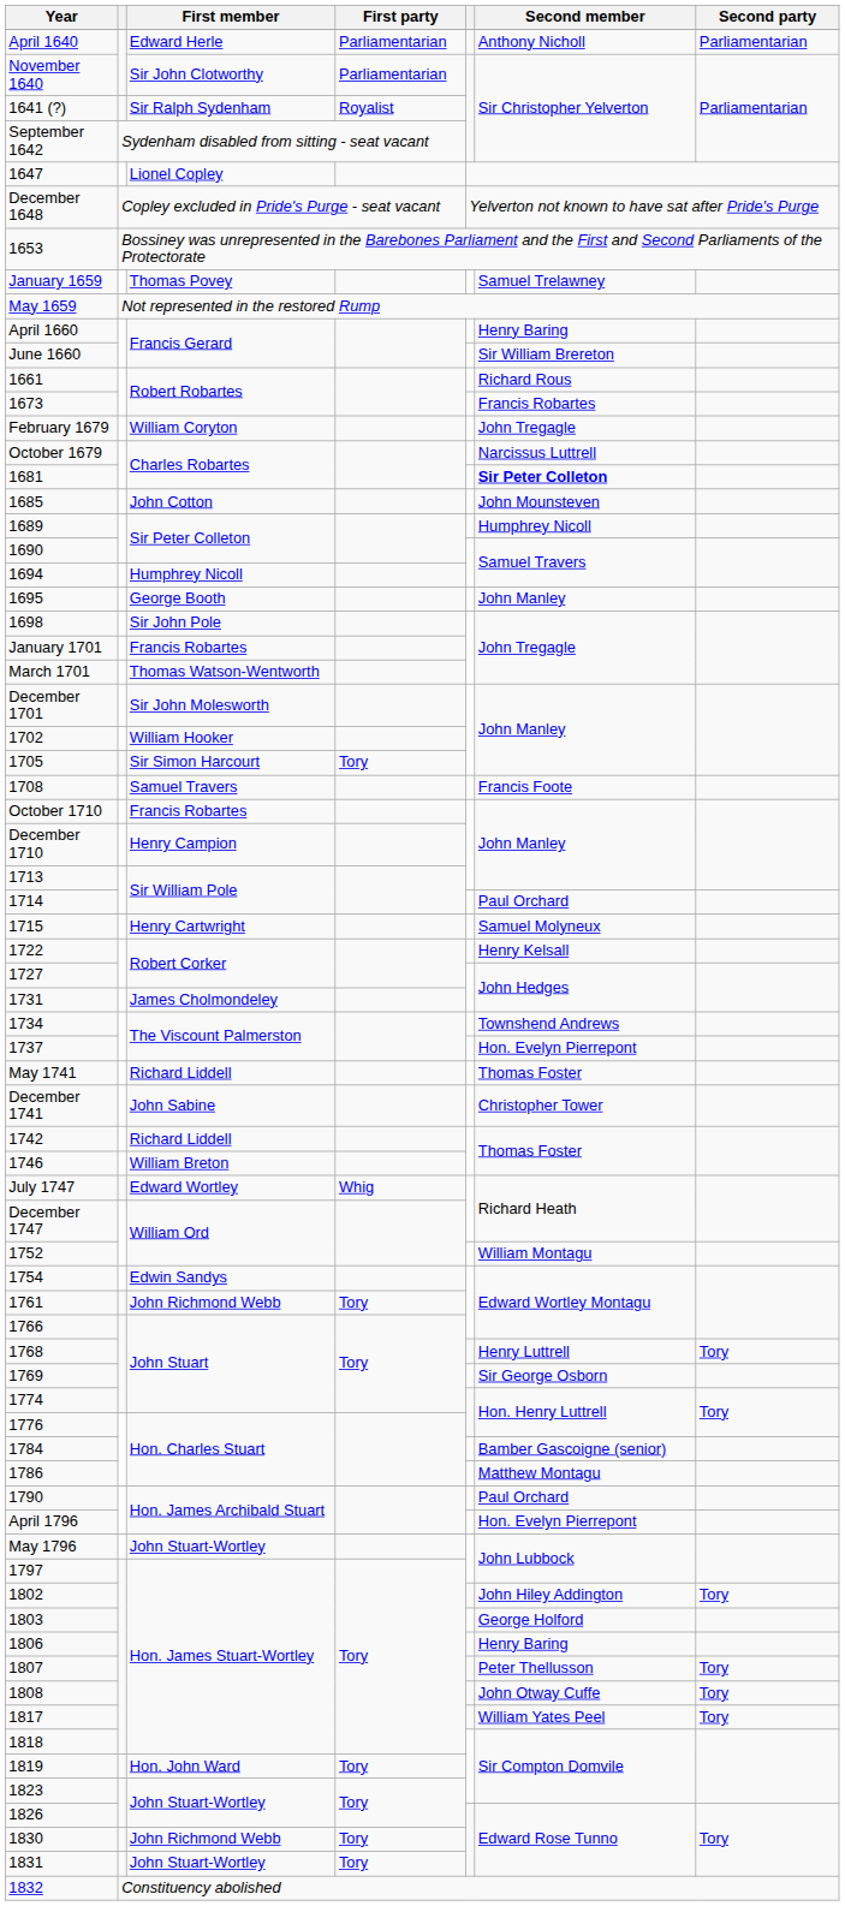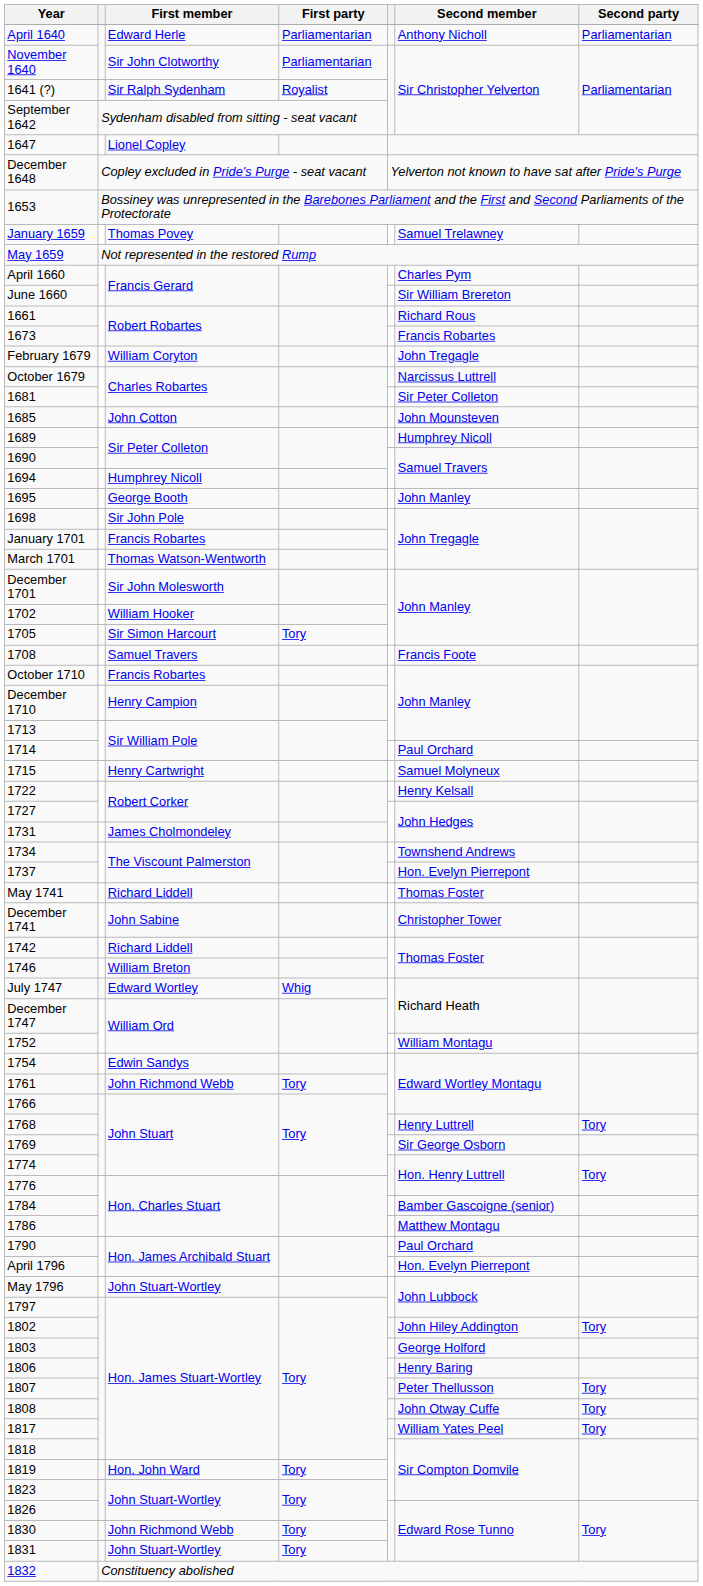 <table class="wikitable">
 <tr>
 <th>Year</th>
 <th></th>
 <th>First member</th>
 <th>First party</th>
 <th></th>
 <th>Second member</th>
 <th>Second party</th>
 </tr>
 <tr>
 </tr>
 <tr>
 <td><a href='#'>April 1640</a></td>
 <td rowspan="2" style="color:inherit;background-color: "></td>
 <td><a href='#'>Edward Herle</a></td>
 <td><a href='#'>Parliamentarian</a></td>
 <td style="color:inherit;background-color: "></td>
 <td><a href='#'>Anthony Nicholl</a></td>
 <td><a href='#'>Parliamentarian</a></td>
 </tr>
 <tr>
 <td><a href='#'>November 1640</a></td>
 <td><a href='#'>Sir John Clotworthy</a></td>
 <td><a href='#'>Parliamentarian</a></td>
 <td rowspan="3" style="color:inherit;background-color: "></td>
 <td rowspan="3"><a href='#'>Sir Christopher Yelverton</a></td>
 <td rowspan="3"><a href='#'>Parliamentarian</a></td>
 </tr>
 <tr>
 <td>1641 (?)</td>
 <td style="color:inherit;background-color: "></td>
 <td><a href='#'>Sir Ralph Sydenham</a></td>
 <td><a href='#'>Royalist</a></td>
 </tr>
 <tr>
 <td>September 1642</td>
 <td colspan="3"><em>Sydenham disabled from sitting - seat vacant</em></td>
 </tr>
 <tr>
 <td>1647</td>
 <td style="color:inherit;background-color: white"></td>
 <td><a href='#'>Lionel Copley</a></td>
 <td></td>
 </tr>
 <tr>
 <td>December 1648</td>
 <td colspan="3"><em>Copley excluded in <a href='#'>Pride's Purge</a> - seat vacant</em></td>
 <td colspan="3"><em>Yelverton not known to have sat after <a href='#'>Pride's Purge</a></em></td>
 </tr>
 <tr>
 <td>1653</td>
 <td colspan="6"><em>Bossiney was unrepresented in the <a href='#'>Barebones Parliament</a> and the <a href='#'>First</a> and <a href='#'>Second</a> Parliaments of the Protectorate</em></td>
 </tr>
 <tr>
 <td><a href='#'>January 1659</a></td>
 <td style="color:inherit;background-color: white"></td>
 <td><a href='#'>Thomas Povey</a></td>
 <td></td>
 <td style="color:inherit;background-color: white"></td>
 <td><a href='#'>Samuel Trelawney</a></td>
 <td></td>
 </tr>
 <tr>
 <td><a href='#'>May 1659</a></td>
 <td colspan="6"><em>Not represented in the restored <a href='#'>Rump</a></em></td>
 </tr>
 <tr>
 <td>April 1660</td>
 <td rowspan="2" style="color:inherit;background-color: white"></td>
 <td rowspan="2"><a href='#'>Francis Gerard</a></td>
 <td rowspan="2"></td>
 <td style="color:inherit;background-color: white"></td>
-<td><a href='#'>Henry Baring</a></td>
+<td><a href='#'>Charles Pym</a></td>
 <td></td>
 </tr>
 <tr>
 <td>June 1660</td>
 <td style="color:inherit;background-color: white"></td>
 <td><a href='#'>Sir William Brereton</a></td>
 <td></td>
 </tr>
 <tr>
 <td>1661</td>
 <td rowspan="2" style="color:inherit;background-color: white"></td>
 <td rowspan="2"><a href='#'>Robert Robartes</a></td>
 <td rowspan="2"></td>
 <td style="color:inherit;background-color: white"></td>
 <td><a href='#'>Richard Rous</a></td>
 <td></td>
 </tr>
 <tr>
 <td>1673</td>
 <td style="color:inherit;background-color: white"></td>
 <td><a href='#'>Francis Robartes</a></td>
 <td></td>
 </tr>
 <tr>
 <td>February 1679</td>
 <td style="color:inherit;background-color: white"></td>
 <td><a href='#'>William Coryton</a></td>
 <td></td>
 <td style="color:inherit;background-color: white"></td>
 <td><a href='#'>John Tregagle</a></td>
 <td></td>
 </tr>
 <tr>
 <td>October 1679</td>
 <td rowspan="2" style="color:inherit;background-color: white"></td>
 <td rowspan="2"><a href='#'>Charles Robartes</a></td>
 <td rowspan="2"></td>
 <td style="color:inherit;background-color: white"></td>
 <td><a href='#'>Narcissus Luttrell</a></td>
 <td></td>
 </tr>
 <tr>
 <td>1681</td>
 <td style="color:inherit;background-color: white"></td>
-<td><strong><a href='#'>Sir Peter Colleton</a></strong></td>
+<td><a href='#'>Sir Peter Colleton</a></td>
 <td></td>
 </tr>
 <tr>
 <td>1685</td>
 <td style="color:inherit;background-color: white"></td>
 <td><a href='#'>John Cotton</a></td>
 <td></td>
 <td style="color:inherit;background-color: white"></td>
 <td><a href='#'>John Mounsteven</a></td>
 <td></td>
 </tr>
 <tr>
 <td>1689</td>
 <td rowspan="2" style="color:inherit;background-color: white"></td>
 <td rowspan="2"><a href='#'>Sir Peter Colleton</a></td>
 <td rowspan="2"></td>
 <td style="color:inherit;background-color: white"></td>
 <td><a href='#'>Humphrey Nicoll</a></td>
 <td></td>
 </tr>
 <tr>
 <td>1690</td>
 <td rowspan="2" style="color:inherit;background-color: white"></td>
 <td rowspan="2"><a href='#'>Samuel Travers</a></td>
 <td rowspan="2"></td>
 </tr>
 <tr>
 <td>1694</td>
 <td style="color:inherit;background-color: white"></td>
 <td><a href='#'>Humphrey Nicoll</a></td>
 <td></td>
 </tr>
 <tr>
 <td>1695</td>
 <td style="color:inherit;background-color: white"></td>
 <td><a href='#'>George Booth</a></td>
 <td></td>
 <td style="color:inherit;background-color: white"></td>
 <td><a href='#'>John Manley</a></td>
 <td></td>
 </tr>
 <tr>
 <td>1698</td>
 <td style="color:inherit;background-color: white"></td>
 <td><a href='#'>Sir John Pole</a></td>
 <td></td>
 <td rowspan="3" style="color:inherit;background-color: white"></td>
 <td rowspan="3"><a href='#'>John Tregagle</a></td>
 <td rowspan="3"></td>
 </tr>
 <tr>
 <td>January 1701</td>
 <td style="color:inherit;background-color: white"></td>
 <td><a href='#'>Francis Robartes</a></td>
 <td></td>
 </tr>
 <tr>
 <td>March 1701</td>
 <td style="color:inherit;background-color: white"></td>
 <td><a href='#'>Thomas Watson-Wentworth</a></td>
 <td></td>
 </tr>
 <tr>
 <td>December 1701</td>
 <td style="color:inherit;background-color: white"></td>
 <td><a href='#'>Sir John Molesworth</a></td>
 <td></td>
 <td rowspan="3" style="color:inherit;background-color: white"></td>
 <td rowspan="3"><a href='#'>John Manley</a></td>
 <td rowspan="3"></td>
 </tr>
 <tr>
 <td>1702</td>
 <td style="color:inherit;background-color: white"></td>
 <td><a href='#'>William Hooker</a></td>
 <td></td>
 </tr>
 <tr>
 <td>1705</td>
 <td style="color:inherit;background-color: "></td>
 <td><a href='#'>Sir Simon Harcourt</a></td>
 <td><a href='#'>Tory</a></td>
 </tr>
 <tr>
 <td>1708</td>
 <td style="color:inherit;background-color: white"></td>
 <td><a href='#'>Samuel Travers</a></td>
 <td></td>
 <td style="color:inherit;background-color: white"></td>
 <td><a href='#'>Francis Foote</a></td>
 <td></td>
 </tr>
 <tr>
 <td>October 1710</td>
 <td style="color:inherit;background-color: white"></td>
 <td><a href='#'>Francis Robartes</a></td>
 <td></td>
 <td rowspan="3" style="color:inherit;background-color: white"></td>
 <td rowspan="3"><a href='#'>John Manley</a></td>
 <td rowspan="3"></td>
 </tr>
 <tr>
 <td>December 1710</td>
 <td style="color:inherit;background-color: white"></td>
 <td><a href='#'>Henry Campion</a></td>
 <td></td>
 </tr>
 <tr>
 <td>1713</td>
 <td rowspan="2" style="color:inherit;background-color: white"></td>
 <td rowspan="2"><a href='#'>Sir William Pole</a></td>
 <td rowspan="2"></td>
 </tr>
 <tr>
 <td>1714</td>
 <td style="color:inherit;background-color: white"></td>
 <td><a href='#'>Paul Orchard</a></td>
 <td></td>
 </tr>
 <tr>
 <td>1715</td>
 <td style="color:inherit;background-color: white"></td>
 <td><a href='#'>Henry Cartwright</a></td>
 <td></td>
 <td style="color:inherit;background-color: white"></td>
 <td><a href='#'>Samuel Molyneux</a></td>
 <td></td>
 </tr>
 <tr>
 <td>1722</td>
 <td rowspan="2" style="color:inherit;background-color: white"></td>
 <td rowspan="2"><a href='#'>Robert Corker</a></td>
 <td rowspan="2"></td>
 <td style="color:inherit;background-color: white"></td>
 <td><a href='#'>Henry Kelsall</a></td>
 <td></td>
 </tr>
 <tr>
 <td>1727</td>
 <td rowspan="2" style="color:inherit;background-color: white"></td>
 <td rowspan="2"><a href='#'>John Hedges</a></td>
 <td rowspan="2"></td>
 </tr>
 <tr>
 <td>1731</td>
 <td style="color:inherit;background-color: white"></td>
 <td><a href='#'>James Cholmondeley</a></td>
 <td></td>
 </tr>
 <tr>
 <td>1734</td>
 <td rowspan="2" style="color:inherit;background-color: white"></td>
 <td rowspan="2"><a href='#'>The Viscount Palmerston</a></td>
 <td rowspan="2"></td>
 <td style="color:inherit;background-color: white"></td>
 <td><a href='#'>Townshend Andrews</a></td>
 <td></td>
 </tr>
 <tr>
 <td>1737</td>
 <td style="color:inherit;background-color: white"></td>
 <td><a href='#'>Hon. Evelyn Pierrepont</a></td>
 <td></td>
 </tr>
 <tr>
 <td>May 1741</td>
 <td style="color:inherit;background-color: white"></td>
 <td><a href='#'>Richard Liddell</a></td>
 <td></td>
 <td style="color:inherit;background-color: white"></td>
 <td><a href='#'>Thomas Foster</a></td>
 <td></td>
 </tr>
 <tr>
 <td>December 1741</td>
 <td style="color:inherit;background-color: white"></td>
 <td><a href='#'>John Sabine</a></td>
 <td></td>
 <td style="color:inherit;background-color: white"></td>
 <td><a href='#'>Christopher Tower</a></td>
 <td></td>
 </tr>
 <tr>
 <td>1742</td>
 <td style="color:inherit;background-color: white"></td>
 <td><a href='#'>Richard Liddell</a></td>
 <td></td>
 <td rowspan="2" style="color:inherit;background-color: white"></td>
 <td rowspan="2"><a href='#'>Thomas Foster</a></td>
 <td rowspan="2"></td>
 </tr>
 <tr>
 <td>1746</td>
 <td style="color:inherit;background-color: white"></td>
 <td><a href='#'>William Breton</a></td>
 <td></td>
 </tr>
 <tr>
 <td>July 1747</td>
 <td style="color:inherit;background-color: "></td>
 <td><a href='#'>Edward Wortley</a></td>
 <td><a href='#'>Whig</a></td>
 <td rowspan="2" style="color:inherit;background-color: white"></td>
 <td rowspan="2">Richard Heath</td>
 <td rowspan="2"></td>
 </tr>
 <tr>
 <td>December 1747</td>
 <td rowspan="2" style="color:inherit;background-color: white"></td>
 <td rowspan="2"><a href='#'>William Ord</a></td>
 <td rowspan="2"></td>
 </tr>
 <tr>
 <td>1752</td>
 <td style="color:inherit;background-color: white"></td>
 <td><a href='#'>William Montagu</a></td>
 <td></td>
 </tr>
 <tr>
 <td>1754</td>
 <td style="color:inherit;background-color: white"></td>
 <td><a href='#'>Edwin Sandys</a></td>
 <td></td>
 <td rowspan="3" style="color:inherit;background-color: white"></td>
 <td rowspan="3"><a href='#'>Edward Wortley Montagu</a></td>
 <td rowspan="3"></td>
 </tr>
 <tr>
 <td>1761</td>
 <td style="color:inherit;background-color: "></td>
 <td><a href='#'>John Richmond Webb</a></td>
 <td><a href='#'>Tory</a></td>
 </tr>
 <tr>
 <td>1766</td>
 <td rowspan="4" style="color:inherit;background-color: "></td>
 <td rowspan="4"><a href='#'>John Stuart</a></td>
 <td rowspan="4"><a href='#'>Tory</a></td>
 </tr>
 <tr>
 <td>1768</td>
 <td style="color:inherit;background-color: "></td>
 <td><a href='#'>Henry Luttrell</a></td>
 <td><a href='#'>Tory</a></td>
 </tr>
 <tr>
 <td>1769</td>
 <td style="color:inherit;background-color: white"></td>
 <td><a href='#'>Sir George Osborn</a></td>
 <td></td>
 </tr>
 <tr>
 <td>1774</td>
 <td rowspan="2" style="color:inherit;background-color: "></td>
 <td rowspan="2"><a href='#'>Hon. Henry Luttrell</a></td>
 <td rowspan="2"><a href='#'>Tory</a></td>
 </tr>
 <tr>
 <td>1776</td>
 <td rowspan="3" style="color:inherit;background-color: white"></td>
 <td rowspan="3"><a href='#'>Hon. Charles Stuart</a></td>
 <td rowspan="3"></td>
 </tr>
 <tr>
 <td>1784</td>
 <td style="color:inherit;background-color: white"></td>
 <td><a href='#'>Bamber Gascoigne (senior)</a></td>
 <td></td>
 </tr>
 <tr>
 <td>1786</td>
 <td style="color:inherit;background-color: white"></td>
 <td><a href='#'>Matthew Montagu</a></td>
 <td></td>
 </tr>
 <tr>
 <td>1790</td>
 <td rowspan="2"   style="color:inherit;background-color: white"></td>
 <td rowspan="2"><a href='#'>Hon. James Archibald Stuart</a></td>
 <td rowspan="2"></td>
 <td style="color:inherit;background-color: white"></td>
 <td><a href='#'>Paul Orchard</a></td>
 <td></td>
 </tr>
 <tr>
 <td>April 1796</td>
 <td style="color:inherit;background-color: white"></td>
 <td><a href='#'>Hon. Evelyn Pierrepont</a></td>
 <td></td>
 </tr>
 <tr>
 <td>May 1796</td>
 <td style="color:inherit;background-color: white"></td>
 <td><a href='#'>John Stuart-Wortley</a></td>
 <td></td>
 <td rowspan="2"   style="color:inherit;background-color: white"></td>
 <td rowspan="2"><a href='#'>John Lubbock</a></td>
 <td rowspan="2"></td>
 </tr>
 <tr>
 <td>1797</td>
 <td rowspan="8" style="color:inherit;background-color: "></td>
 <td rowspan="8"><a href='#'>Hon. James Stuart-Wortley</a></td>
 <td rowspan="8"><a href='#'>Tory</a></td>
 </tr>
 <tr>
 <td>1802</td>
 <td style="color:inherit;background-color: "></td>
 <td><a href='#'>John Hiley Addington</a></td>
 <td><a href='#'>Tory</a></td>
 </tr>
 <tr>
 <td>1803</td>
 <td style="color:inherit;background-color: white"></td>
 <td><a href='#'>George Holford</a></td>
 <td></td>
 </tr>
 <tr>
 <td>1806</td>
 <td style="color:inherit;background-color: white"></td>
 <td><a href='#'>Henry Baring</a></td>
 <td></td>
 </tr>
 <tr>
 <td>1807</td>
 <td style="color:inherit;background-color: "></td>
 <td><a href='#'>Peter Thellusson</a></td>
 <td><a href='#'>Tory</a></td>
 </tr>
 <tr>
 <td>1808</td>
 <td style="color:inherit;background-color: "></td>
 <td><a href='#'>John Otway Cuffe</a></td>
 <td><a href='#'>Tory</a></td>
 </tr>
 <tr>
 <td>1817</td>
 <td style="color:inherit;background-color: "></td>
 <td><a href='#'>William Yates Peel</a></td>
 <td><a href='#'>Tory</a></td>
 </tr>
 <tr>
 <td>1818</td>
 <td rowspan="3" style="color:inherit;background-color: white"></td>
 <td rowspan="3"><a href='#'>Sir Compton Domvile</a></td>
 <td rowspan="3"></td>
 </tr>
 <tr>
 <td>1819</td>
 <td style="color:inherit;background-color: "></td>
 <td><a href='#'>Hon. John Ward</a></td>
 <td><a href='#'>Tory</a></td>
 </tr>
 <tr>
 <td>1823</td>
 <td rowspan="2" style="color:inherit;background-color: "></td>
 <td rowspan="2"><a href='#'>John Stuart-Wortley</a></td>
 <td rowspan="2"><a href='#'>Tory</a></td>
 </tr>
 <tr>
 <td>1826</td>
 <td rowspan="3" style="color:inherit;background-color: "></td>
 <td rowspan="3"><a href='#'>Edward Rose Tunno</a></td>
 <td rowspan="3"><a href='#'>Tory</a></td>
 </tr>
 <tr>
 <td>1830</td>
 <td style="color:inherit;background-color: "></td>
 <td><a href='#'>John Richmond Webb</a></td>
 <td><a href='#'>Tory</a></td>
 </tr>
 <tr>
 <td>1831</td>
 <td style="color:inherit;background-color: "></td>
 <td><a href='#'>John Stuart-Wortley</a></td>
 <td><a href='#'>Tory</a></td>
 </tr>
 <tr>
 <td><a href='#'>1832</a></td>
 <td colspan="6"><em>Constituency abolished</em></td>
 </tr>
 </table>
